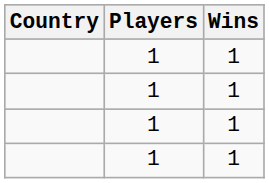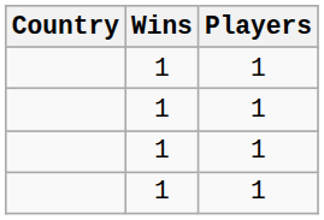 <table class="wikitable">
 <tr>
 <th>Country</th>
+<th>Wins</th>
 <th>Players</th>
-<th>Wins</th>
 </tr>
 <tr>
 <td></td>
 <td align=center>1</td>
 <td align=center>1</td>
 </tr>
 <tr>
 <td></td>
 <td align=center>1</td>
 <td align=center>1</td>
 </tr>
 <tr>
 <td></td>
 <td align=center>1</td>
 <td align=center>1</td>
 </tr>
 <tr>
 <td></td>
 <td align=center>1</td>
 <td align=center>1</td>
 </tr>
 </table>
